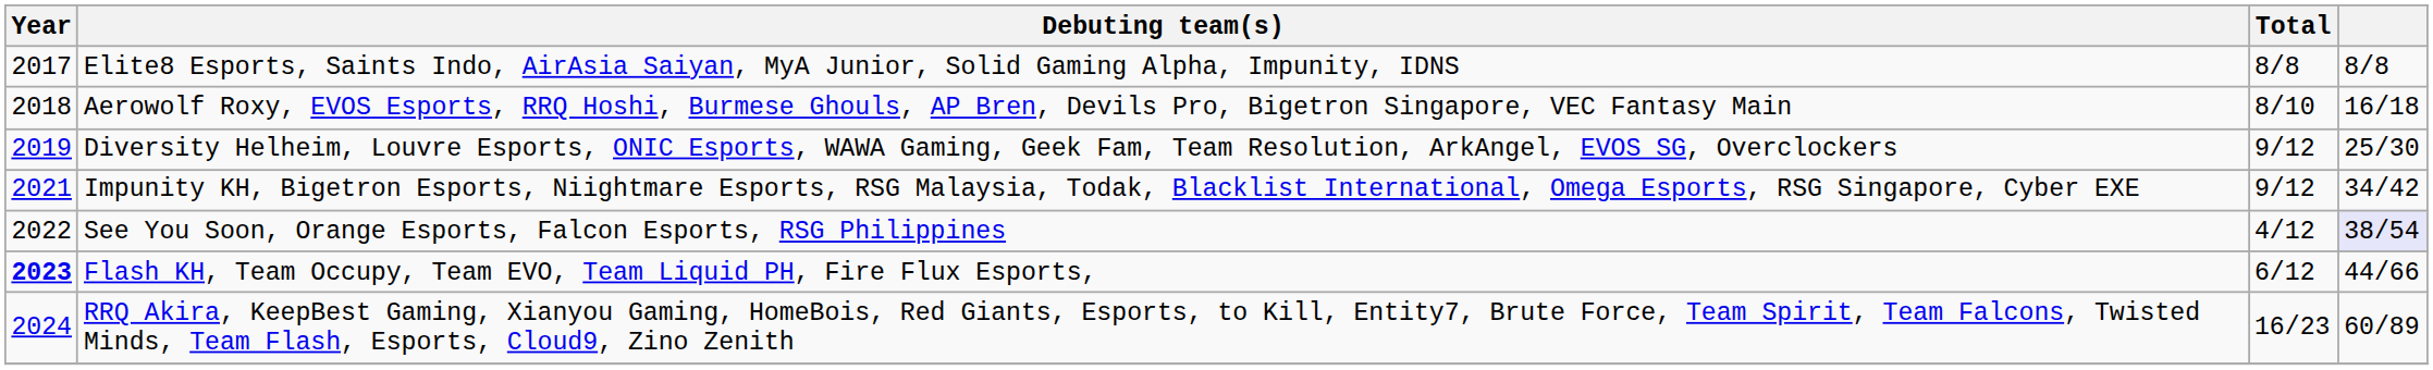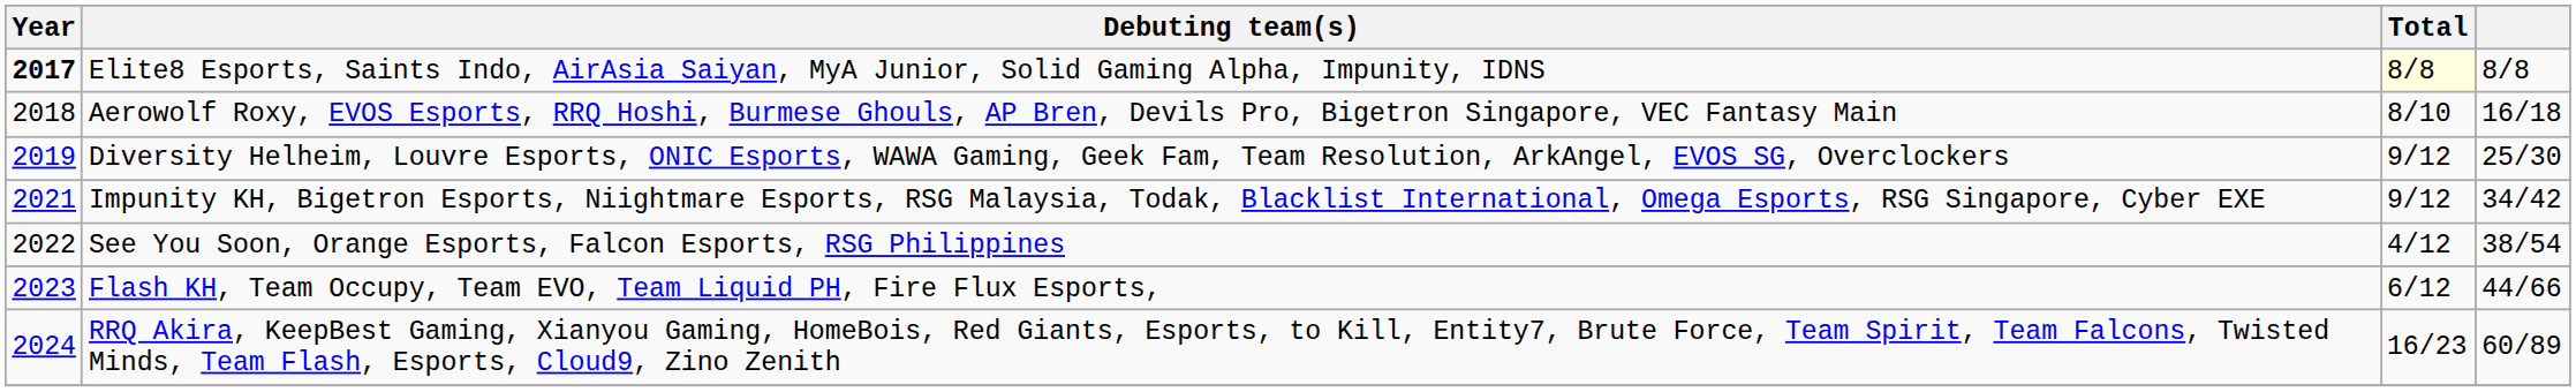 <table class="wikitable">
 <tr>
 <th>Year</th>
 <th>Debuting team(s) </th>
 <th width=40>Total</th>
 <th width=40></th>
 </tr>
 <tr>
-<td>2017</td>
+<td><strong>2017</strong></td>
 <td> Elite8 Esports,  Saints Indo,  <a href='#'>AirAsia Saiyan</a>,  MyA Junior,   Solid Gaming Alpha,  Impunity,  IDNS</td>
-<td>8/8</td>
+<td style="background: lightyellow;">8/8</td>
 <td>8/8</td>
 </tr>
 <tr>
 <td>2018</td>
 <td> Aerowolf Roxy,  <a href='#'>EVOS Esports</a>,  <a href='#'>RRQ Hoshi</a>,  <a href='#'>Burmese Ghouls</a>,  <a href='#'>AP Bren</a>,  Devils Pro,  Bigetron Singapore,  VEC Fantasy Main</td>
 <td>8/10</td>
 <td>16/18</td>
 </tr>
 <tr>
 <td><a href='#'>2019</a></td>
 <td> Diversity Helheim,  Louvre Esports,  <a href='#'>ONIC Esports</a>,  WAWA Gaming,  Geek Fam,  Team Resolution,  ArkAngel,  <a href='#'>EVOS SG</a>,  Overclockers</td>
 <td>9/12</td>
 <td>25/30</td>
 </tr>
 <tr>
 <td><a href='#'>2021</a></td>
 <td> Impunity KH,  Bigetron Esports,  Niightmare Esports,  RSG Malaysia,  Todak,  <a href='#'>Blacklist International</a>,  <a href='#'>Omega Esports</a>,  RSG Singapore,  Cyber EXE</td>
 <td>9/12</td>
 <td>34/42</td>
 </tr>
 <tr>
 <td>2022</td>
 <td> See You Soon,  Orange Esports,  Falcon Esports,  <a href='#'>RSG Philippines</a></td>
 <td>4/12</td>
-<td style="background: lavender;">38/54</td>
+<td>38/54</td>
 </tr>
 <tr>
-<td><strong><a href='#'>2023</a></strong></td>
+<td><a href='#'>2023</a></td>
 <td> <a href='#'>Flash KH</a>,  Team Occupy,  Team EVO,  <a href='#'>Team Liquid PH</a>,  Fire Flux Esports, </td>
 <td>6/12</td>
 <td>44/66</td>
 </tr>
 <tr>
 <td><a href='#'>2024</a></td>
 <td> <a href='#'>RRQ Akira</a>,  KeepBest Gaming,  Xianyou Gaming,  HomeBois,  Red Giants,  Esports,  to Kill,  Entity7,  Brute Force,  <a href='#'>Team Spirit</a>,  <a href='#'>Team Falcons</a>,  Twisted Minds,  <a href='#'>Team Flash</a>,  Esports,  <a href='#'>Cloud9</a>,  Zino Zenith</td>
 <td>16/23</td>
 <td>60/89</td>
 </tr>
 <tr>
 </tr>
 </table>
